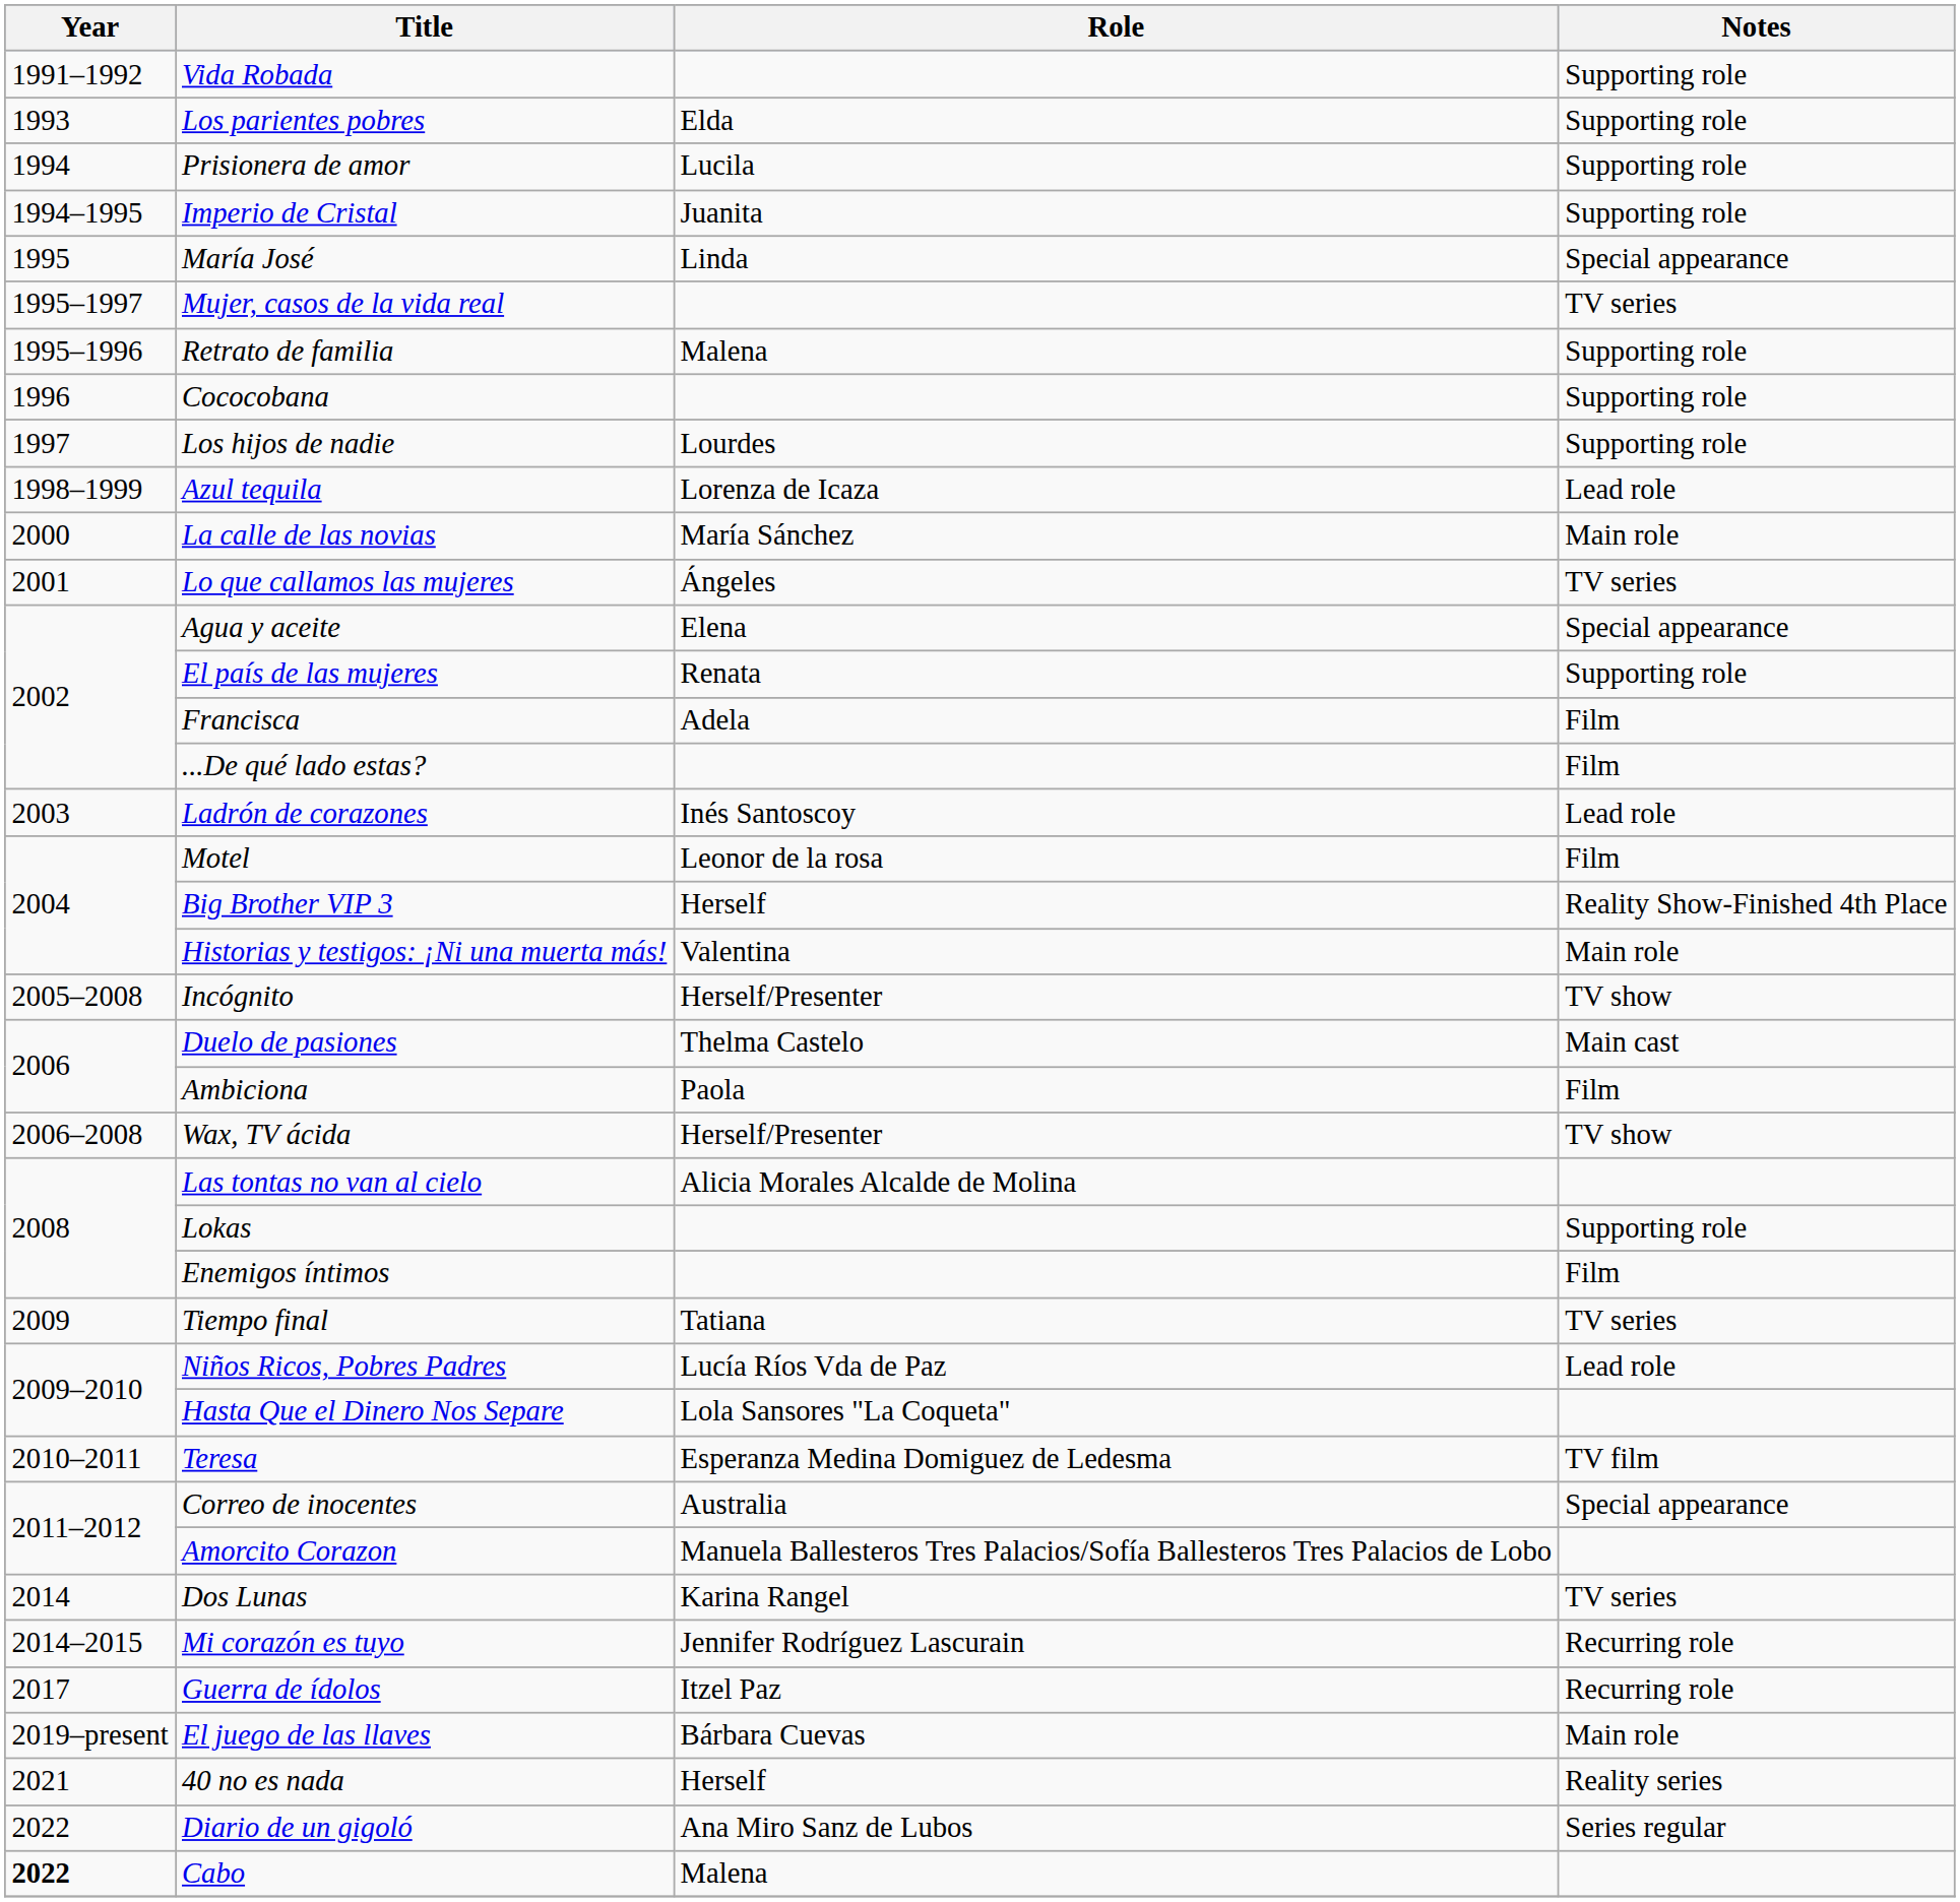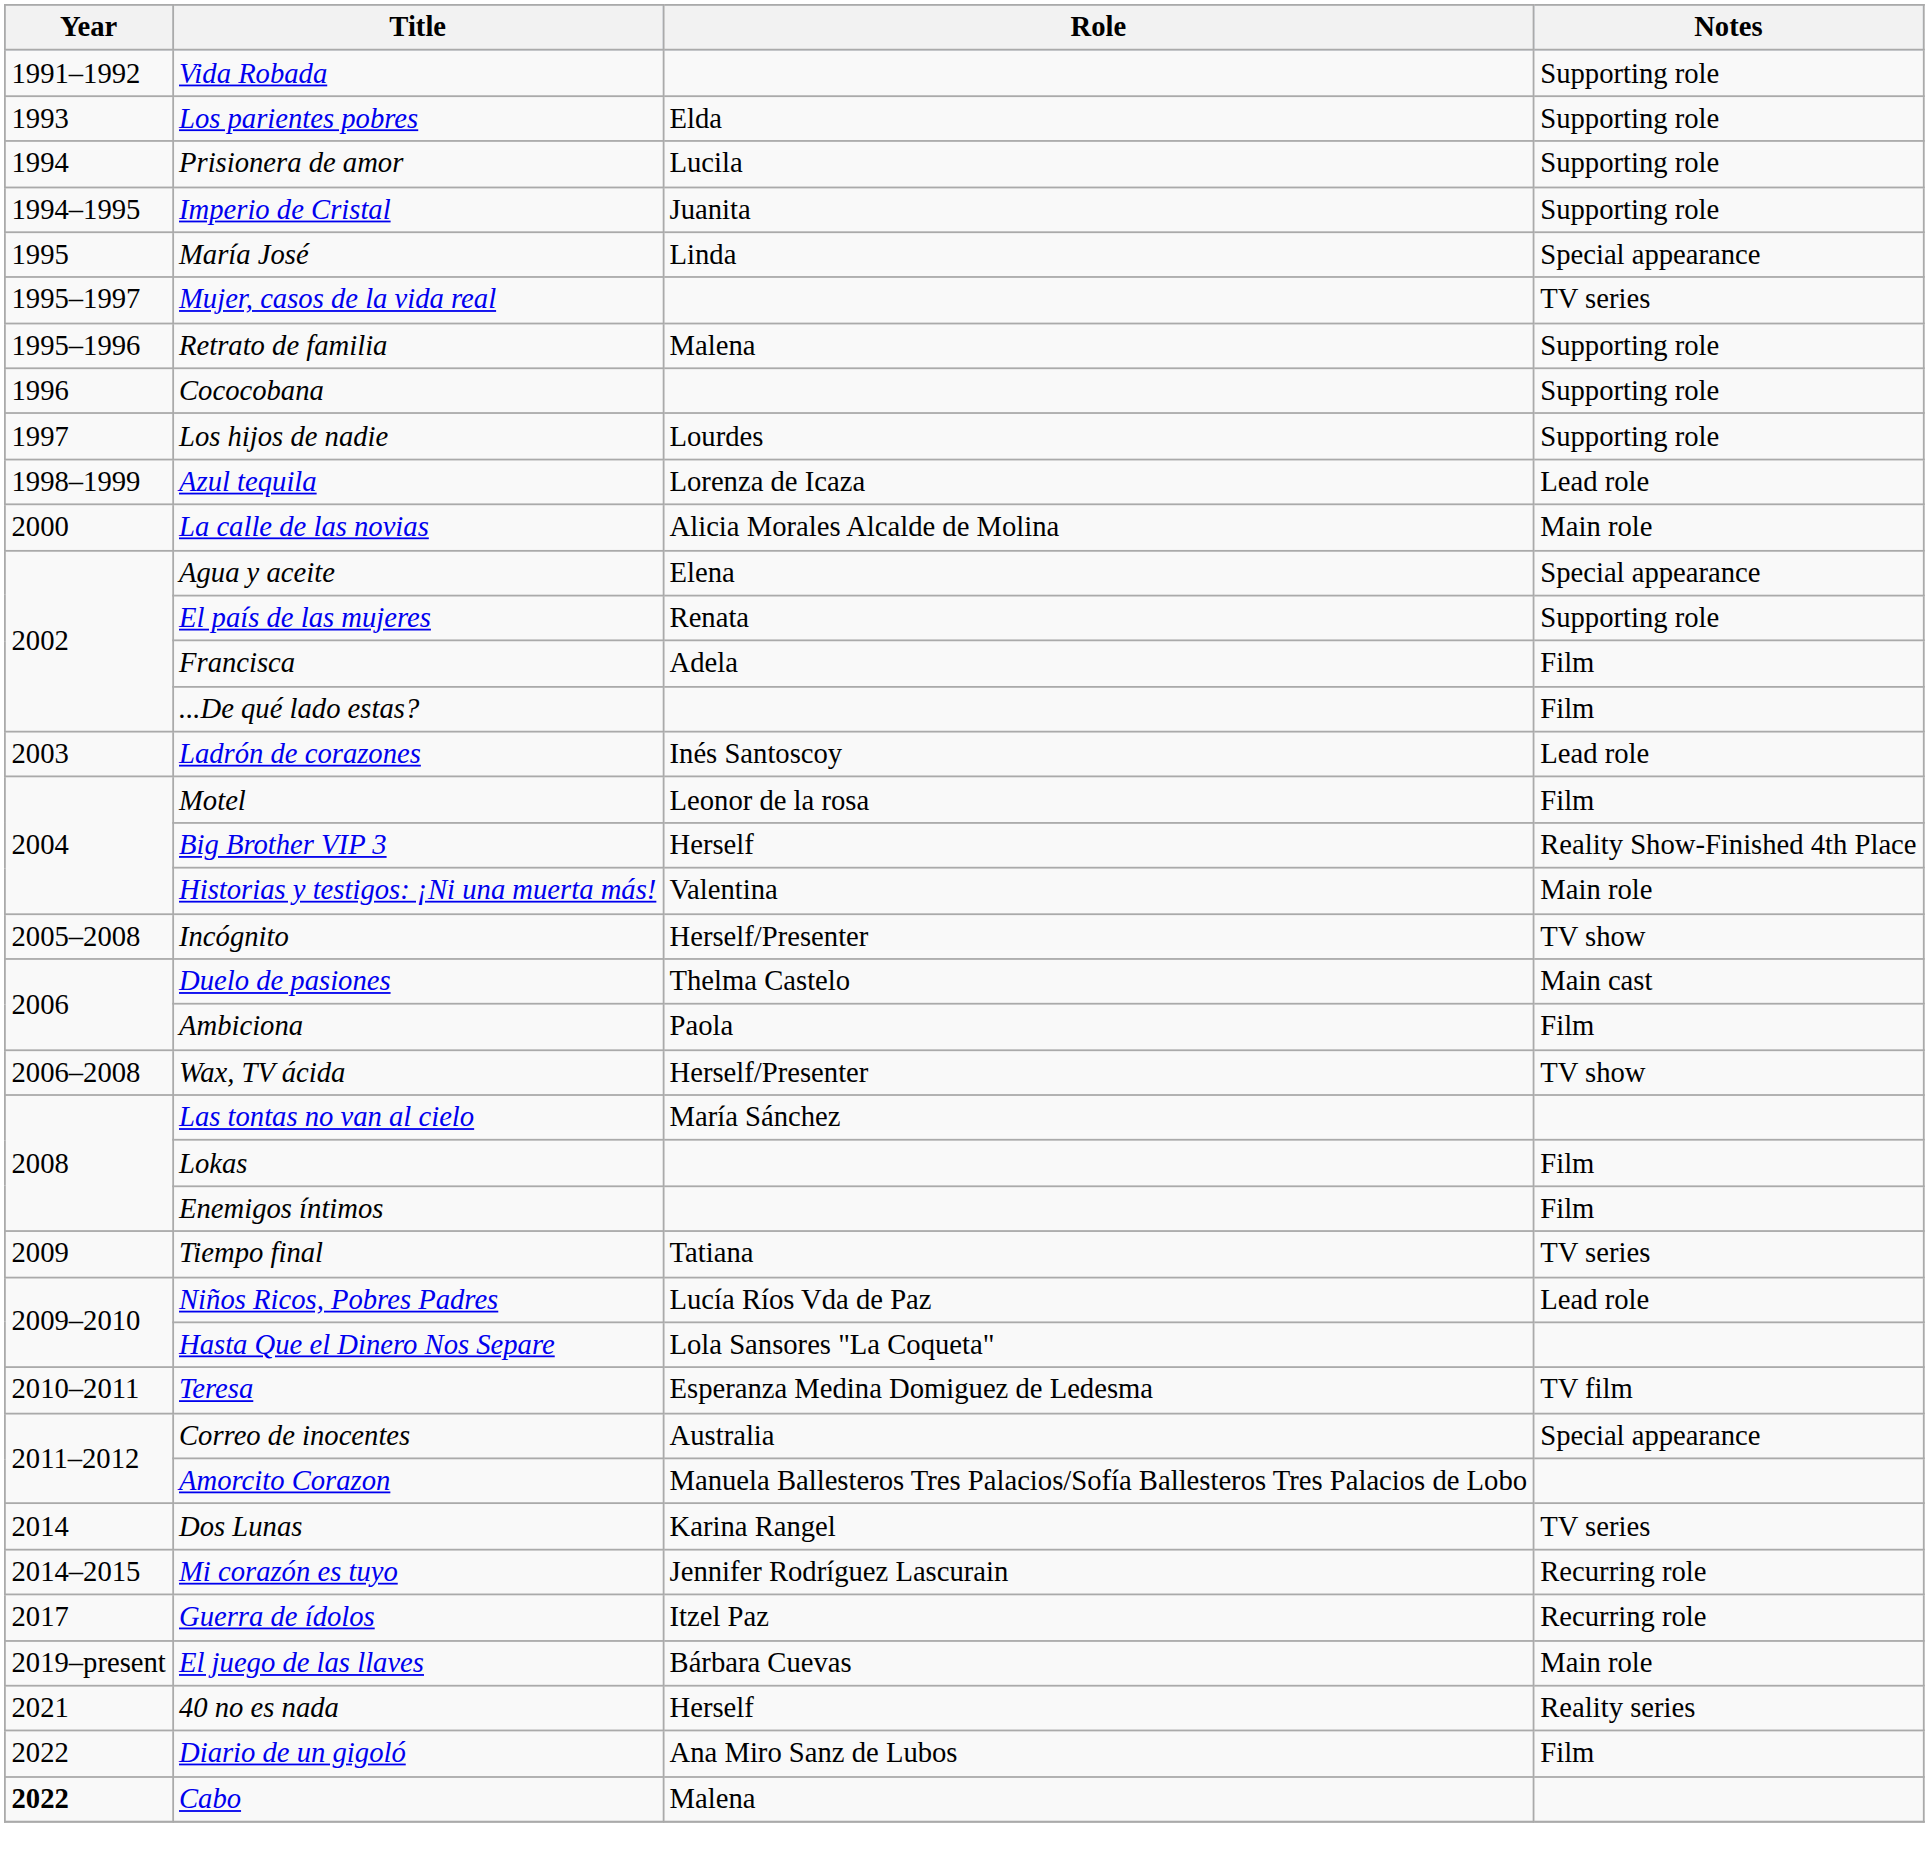 <table class="wikitable">
 <tr style="background:#b0c4de;">
 <th>Year</th>
 <th>Title</th>
 <th>Role</th>
 <th>Notes</th>
 </tr>
 <tr>
 <td>1991–1992</td>
 <td><em><a href='#'>Vida Robada</a></em></td>
 <td></td>
 <td>Supporting role</td>
 </tr>
 <tr>
 <td>1993</td>
 <td><em><a href='#'>Los parientes pobres</a></em></td>
 <td>Elda</td>
 <td>Supporting role</td>
 </tr>
 <tr>
 <td>1994</td>
 <td><em>Prisionera de amor</em></td>
 <td>Lucila</td>
 <td>Supporting role</td>
 </tr>
 <tr>
 <td>1994–1995</td>
 <td><em><a href='#'>Imperio de Cristal</a></em></td>
 <td>Juanita</td>
 <td>Supporting role</td>
 </tr>
 <tr>
 <td>1995</td>
 <td><em>María José</em></td>
 <td>Linda</td>
 <td>Special appearance</td>
 </tr>
 <tr>
 <td>1995–1997</td>
 <td><em><a href='#'>Mujer, casos de la vida real</a></em></td>
 <td></td>
 <td>TV series</td>
 </tr>
 <tr>
 <td>1995–1996</td>
 <td><em>Retrato de familia</em></td>
 <td>Malena</td>
 <td>Supporting role</td>
 </tr>
 <tr>
 <td>1996</td>
 <td><em>Cococobana</em></td>
 <td></td>
 <td>Supporting role</td>
 </tr>
 <tr>
 <td>1997</td>
 <td><em>Los hijos de nadie</em></td>
 <td>Lourdes</td>
 <td>Supporting role</td>
 </tr>
 <tr>
 <td>1998–1999</td>
 <td><em><a href='#'>Azul tequila</a></em></td>
 <td>Lorenza de Icaza</td>
 <td>Lead role</td>
 </tr>
 <tr>
 <td>2000</td>
 <td><em><a href='#'>La calle de las novias</a></em></td>
-<td>María Sánchez</td>
+<td>Alicia Morales Alcalde de Molina</td>
 <td>Main role</td>
-</tr>
-<tr>
-<td>2001</td>
-<td><em><a href='#'>Lo que callamos las mujeres</a></em></td>
-<td>Ángeles</td>
-<td>TV series</td>
 </tr>
 <tr>
 <td rowspan=4>2002</td>
 <td><em>Agua y aceite</em></td>
 <td>Elena</td>
 <td>Special appearance</td>
 </tr>
 <tr>
 <td><em><a href='#'>El país de las mujeres</a></em></td>
 <td>Renata</td>
 <td>Supporting role</td>
 </tr>
 <tr>
 <td><em>Francisca</em></td>
 <td>Adela</td>
 <td>Film</td>
 </tr>
 <tr>
 <td><em>...De qué lado estas?</em></td>
 <td></td>
 <td>Film</td>
 </tr>
 <tr>
 <td>2003</td>
 <td><em><a href='#'>Ladrón de corazones</a></em></td>
 <td>Inés Santoscoy</td>
 <td>Lead role</td>
 </tr>
 <tr>
 <td rowspan=3>2004</td>
 <td><em>Motel</em></td>
 <td>Leonor de la rosa</td>
 <td>Film</td>
 </tr>
 <tr>
 <td><em><a href='#'>Big Brother VIP 3</a></em></td>
 <td>Herself</td>
 <td>Reality Show-Finished 4th Place</td>
 </tr>
 <tr>
 <td><em><a href='#'>Historias y testigos: ¡Ni una muerta más!</a></em></td>
 <td>Valentina</td>
 <td>Main role</td>
 </tr>
 <tr>
 <td>2005–2008</td>
 <td><em>Incógnito</em></td>
 <td>Herself/Presenter</td>
 <td>TV show</td>
 </tr>
 <tr>
 <td rowspan=2>2006</td>
 <td><em><a href='#'>Duelo de pasiones</a></em></td>
 <td>Thelma Castelo</td>
 <td>Main cast</td>
 </tr>
 <tr>
 <td><em>Ambiciona</em></td>
 <td>Paola</td>
 <td>Film</td>
 </tr>
 <tr>
 <td>2006–2008</td>
 <td><em>Wax, TV ácida</em></td>
 <td>Herself/Presenter</td>
 <td>TV show</td>
 </tr>
 <tr>
 <td rowspan=3>2008</td>
 <td><em><a href='#'>Las tontas no van al cielo</a></em></td>
-<td>Alicia Morales Alcalde de Molina</td>
+<td>María Sánchez</td>
 <td></td>
 </tr>
 <tr>
 <td><em>Lokas</em></td>
 <td></td>
-<td>Supporting role</td>
+<td>Film</td>
 </tr>
 <tr>
 <td><em>Enemigos íntimos</em></td>
 <td></td>
 <td>Film</td>
 </tr>
 <tr>
 <td>2009</td>
 <td><em>Tiempo final</em></td>
 <td>Tatiana</td>
 <td>TV series</td>
 </tr>
 <tr>
 <td rowspan=2>2009–2010</td>
 <td><em><a href='#'>Niños Ricos, Pobres Padres</a></em></td>
 <td>Lucía Ríos Vda de Paz</td>
 <td>Lead role</td>
 </tr>
 <tr>
 <td><em><a href='#'>Hasta Que el Dinero Nos Separe</a></em></td>
 <td>Lola Sansores "La Coqueta"</td>
 <td></td>
 </tr>
 <tr>
 <td>2010–2011</td>
 <td><em><a href='#'>Teresa</a></em></td>
 <td>Esperanza Medina Domiguez de Ledesma</td>
 <td>TV film</td>
 </tr>
 <tr>
 <td rowspan=2>2011–2012</td>
 <td><em>Correo de inocentes</em></td>
 <td>Australia</td>
 <td>Special appearance</td>
 </tr>
 <tr>
 <td><em><a href='#'>Amorcito Corazon</a></em></td>
 <td>Manuela Ballesteros Tres Palacios/Sofía Ballesteros Tres Palacios de Lobo</td>
 <td></td>
 </tr>
 <tr>
 <td>2014</td>
 <td><em>Dos Lunas</em></td>
 <td>Karina Rangel</td>
 <td>TV series</td>
 </tr>
 <tr>
 <td>2014–2015</td>
 <td><em><a href='#'>Mi corazón es tuyo</a></em></td>
 <td>Jennifer Rodríguez Lascurain</td>
 <td>Recurring role</td>
 </tr>
 <tr>
 <td>2017</td>
 <td><em><a href='#'>Guerra de ídolos</a></em></td>
 <td>Itzel Paz</td>
 <td>Recurring role</td>
 </tr>
 <tr>
 <td>2019–present</td>
 <td><em><a href='#'>El juego de las llaves</a></em></td>
 <td>Bárbara Cuevas</td>
 <td>Main role</td>
 </tr>
 <tr>
 <td>2021</td>
 <td><em>40 no es nada</em></td>
 <td>Herself</td>
 <td>Reality series</td>
 </tr>
 <tr>
 <td>2022</td>
 <td><em><a href='#'>Diario de un gigoló</a></em></td>
 <td>Ana Miro Sanz de Lubos</td>
-<td>Series regular</td>
+<td>Film</td>
 </tr>
 <tr>
 <td><strong>2022</strong></td>
 <td><em><a href='#'>Cabo</a></em></td>
 <td>Malena</td>
 <td></td>
 </tr>
 <tr>
 </tr>
 </table>
